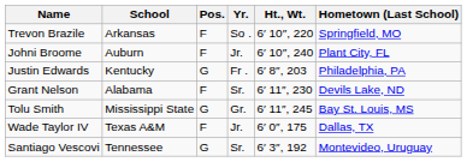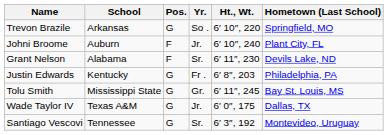 <table class="wikitable">
 <tr>
 <th>Name</th>
 <th>School</th>
 <th>Pos.</th>
 <th>Yr.</th>
 <th>Ht., Wt.</th>
 <th>Hometown (Last School)</th>
 </tr>
 <tr>
 <td>Trevon Brazile</td>
 <td>Arkansas</td>
-<td>F</td>
+<td>G</td>
 <td>So .</td>
 <td>6′ 10″, 220</td>
 <td><a href='#'>Springfield, MO</a></td>
 </tr>
 <tr>
 <td>Johni Broome</td>
 <td>Auburn</td>
 <td>F</td>
 <td>Jr.</td>
 <td>6′ 10″, 240</td>
 <td><a href='#'>Plant City, FL</a></td>
 </tr>
 <tr>
+<td>Grant Nelson</td>
+<td>Alabama</td>
+<td>F</td>
+<td>Sr.</td>
+<td>6′ 11″, 230</td>
+<td><a href='#'>Devils Lake, ND</a></td>
+</tr>
+<tr>
 <td>Justin Edwards</td>
 <td>Kentucky</td>
 <td>G</td>
 <td>Fr .</td>
 <td>6′ 8″, 203</td>
 <td><a href='#'>Philadelphia, PA</a></td>
-</tr>
-<tr>
-<td>Grant Nelson</td>
-<td>Alabama</td>
-<td>F</td>
-<td>Sr.</td>
-<td>6′ 11″, 230</td>
-<td><a href='#'>Devils Lake, ND</a></td>
 </tr>
 <tr>
 <td>Tolu Smith</td>
 <td>Mississippi State</td>
 <td>G</td>
 <td>Gr.</td>
 <td>6′ 11″, 245</td>
 <td><a href='#'>Bay St. Louis, MS</a></td>
 </tr>
 <tr>
 <td>Wade Taylor IV</td>
 <td>Texas A&M</td>
-<td>F</td>
+<td>G</td>
 <td>Jr.</td>
 <td>6′ 0″, 175</td>
 <td><a href='#'>Dallas, TX</a></td>
 </tr>
 <tr>
 <td>Santiago Vescovi</td>
 <td>Tennessee</td>
 <td>G</td>
 <td> Sr.</td>
 <td>6′ 3″, 192</td>
 <td><a href='#'>Montevideo, Uruguay</a></td>
 </tr>
 </table>
